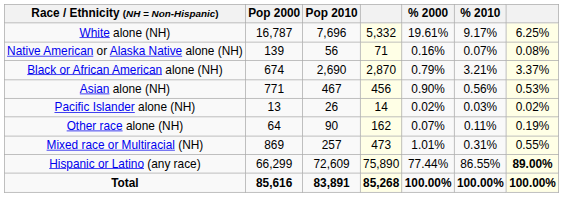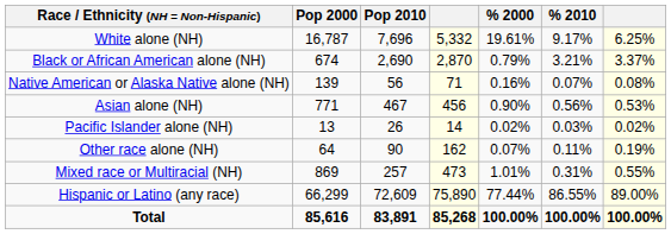 <table class="wikitable" style="text-align:center;">
 <tr>
 <th>Race / Ethnicity <small>(<em>NH = Non-Hispanic</em>)</small></th>
 <th>Pop 2000</th>
 <th>Pop 2010</th>
 <th></th>
 <th>% 2000</th>
 <th>% 2010</th>
 <th></th>
 </tr>
 <tr>
 <td><a href='#'>White</a> alone (NH)</td>
 <td>16,787</td>
 <td>7,696</td>
 <td style='background: #ffffe6;'>5,332</td>
 <td>19.61%</td>
 <td>9.17%</td>
 <td style='background: #ffffe6;'>6.25%</td>
 </tr>
 <tr>
+<td><a href='#'>Black or African American</a> alone (NH)</td>
+<td>674</td>
+<td>2,690</td>
+<td style='background: #ffffe6;'>2,870</td>
+<td>0.79%</td>
+<td>3.21%</td>
+<td style='background: #ffffe6;'>3.37%</td>
+</tr>
+<tr>
 <td><a href='#'>Native American</a> or <a href='#'>Alaska Native</a> alone (NH)</td>
 <td>139</td>
 <td>56</td>
 <td style='background: #ffffe6;'>71</td>
 <td>0.16%</td>
 <td>0.07%</td>
 <td style='background: #ffffe6;'>0.08%</td>
-</tr>
-<tr>
-<td><a href='#'>Black or African American</a> alone (NH)</td>
-<td>674</td>
-<td>2,690</td>
-<td style='background: #ffffe6;'>2,870</td>
-<td>0.79%</td>
-<td>3.21%</td>
-<td style='background: #ffffe6;'>3.37%</td>
 </tr>
 <tr>
 <td><a href='#'>Asian</a> alone (NH)</td>
 <td>771</td>
 <td>467</td>
 <td style='background: #ffffe6;'>456</td>
 <td>0.90%</td>
 <td>0.56%</td>
 <td style='background: #ffffe6;'>0.53%</td>
 </tr>
 <tr>
 <td><a href='#'>Pacific Islander</a> alone (NH)</td>
 <td>13</td>
 <td>26</td>
 <td style='background: #ffffe6;'>14</td>
 <td>0.02%</td>
 <td>0.03%</td>
 <td style='background: #ffffe6;'>0.02%</td>
 </tr>
 <tr>
 <td><a href='#'>Other race</a> alone (NH)</td>
 <td>64</td>
 <td>90</td>
 <td style='background: #ffffe6;'>162</td>
 <td>0.07%</td>
 <td>0.11%</td>
 <td style='background: #ffffe6;'>0.19%</td>
 </tr>
 <tr>
 <td><a href='#'>Mixed race or Multiracial</a> (NH)</td>
 <td>869</td>
 <td>257</td>
 <td style='background: #ffffe6;'>473</td>
 <td>1.01%</td>
 <td>0.31%</td>
 <td style='background: #ffffe6;'>0.55%</td>
 </tr>
 <tr>
 <td><a href='#'>Hispanic or Latino</a> (any race)</td>
 <td>66,299</td>
 <td>72,609</td>
 <td style='background: #ffffe6;'>75,890</td>
 <td>77.44%</td>
 <td>86.55%</td>
-<td style='background: #ffffe6;'><strong>89.00%</strong></td>
+<td style='background: #ffffe6;'>89.00%</td>
 </tr>
 <tr>
 <td><strong>Total</strong></td>
 <td><strong>85,616</strong></td>
 <td><strong>83,891</strong></td>
 <td style='background: #ffffe6;'><strong>85,268</strong></td>
 <td><strong>100.00%</strong></td>
 <td><strong>100.00%</strong></td>
 <td style='background: #ffffe6;'><strong>100.00%</strong></td>
 </tr>
 </table>
